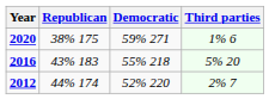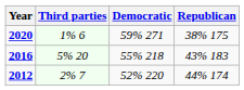 <table class="wikitable" style="float:right; margin: 1em 1em 1em 0; font-size: 95%;">
 <tr>
 <th>Year</th>
+<th><a href='#'>Third parties</a></th>
+<th><a href='#'>Democratic</a></th>
 <th><a href='#'>Republican</a></th>
-<th><a href='#'>Democratic</a></th>
-<th><a href='#'>Third parties</a></th>
 </tr>
 <tr>
 <td style="text-align:center; "><strong><a href='#'>2020</a></strong></td>
+<td style="text-align:center; background:honeyDew;"><em>1%</em> <em>6</em></td>
+<td style="text-align:center; "><em>59%</em> <em>271</em></td>
 <td style="text-align:center; "><em>38%</em> <em>175</em></td>
-<td style="text-align:center; "><em>59%</em> <em>271</em></td>
-<td style="text-align:center; background:honeyDew;"><em>1%</em> <em>6</em></td>
 </tr>
 <tr>
 <td style="text-align:center; "><strong><a href='#'>2016</a></strong></td>
+<td style="text-align:center; background:honeyDew;"><em>5%</em> <em>20</em></td>
+<td style="text-align:center; "><em>55%</em> <em>218</em></td>
 <td style="text-align:center; "><em>43%</em> <em>183</em></td>
-<td style="text-align:center; "><em>55%</em> <em>218</em></td>
-<td style="text-align:center; background:honeyDew;"><em>5%</em> <em>20</em></td>
 </tr>
 <tr>
 <td style="text-align:center; "><strong><a href='#'>2012</a></strong></td>
+<td style="text-align:center; background:honeyDew;"><em>2%</em> <em>7</em></td>
+<td style="text-align:center; "><em>52%</em> <em>220</em></td>
 <td style="text-align:center; "><em>44%</em> <em>174</em></td>
-<td style="text-align:center; "><em>52%</em> <em>220</em></td>
-<td style="text-align:center; background:honeyDew;"><em>2%</em> <em>7</em></td>
 </tr>
 </table>
